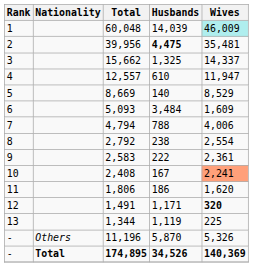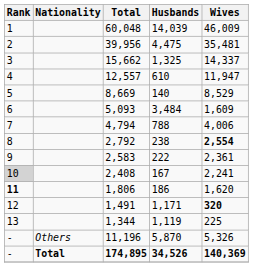 <table class="wikitable sortable">
 <tr>
 <th>Rank</th>
 <th>Nationality</th>
 <th>Total</th>
 <th>Husbands</th>
 <th>Wives</th>
 </tr>
 <tr>
 <td>1</td>
 <td></td>
 <td>60,048</td>
 <td>14,039</td>
-<td style="background: paleturquoise;">46,009</td>
+<td>46,009</td>
 </tr>
 <tr>
 <td>2</td>
 <td></td>
 <td>39,956</td>
-<td><strong>4,475</strong></td>
+<td>4,475</td>
 <td>35,481</td>
 </tr>
 <tr>
 <td>3</td>
 <td></td>
 <td>15,662</td>
 <td>1,325</td>
 <td>14,337</td>
 </tr>
 <tr>
 <td>4</td>
 <td></td>
 <td>12,557</td>
 <td>610</td>
 <td>11,947</td>
 </tr>
 <tr>
 <td>5</td>
 <td></td>
 <td>8,669</td>
 <td>140</td>
 <td>8,529</td>
 </tr>
 <tr>
 <td>6</td>
 <td></td>
 <td>5,093</td>
 <td>3,484</td>
 <td>1,609</td>
 </tr>
 <tr>
 <td>7</td>
 <td></td>
 <td>4,794</td>
 <td>788</td>
 <td>4,006</td>
 </tr>
 <tr>
 <td>8</td>
 <td></td>
 <td>2,792</td>
 <td>238</td>
-<td>2,554</td>
+<td><strong>2,554</strong></td>
 </tr>
 <tr>
 <td>9</td>
 <td></td>
 <td>2,583</td>
 <td>222</td>
 <td>2,361</td>
 </tr>
 <tr>
-<td>10</td>
+<td style="background: lightgrey;">10</td>
 <td></td>
 <td>2,408</td>
 <td>167</td>
-<td style="background: lightsalmon;">2,241</td>
+<td>2,241</td>
 </tr>
 <tr>
-<td>11</td>
+<td><strong>11</strong></td>
 <td></td>
 <td>1,806</td>
 <td>186</td>
 <td>1,620</td>
 </tr>
 <tr>
 <td>12</td>
 <td></td>
 <td>1,491</td>
 <td>1,171</td>
 <td><strong>320</strong></td>
 </tr>
 <tr>
 <td>13</td>
 <td></td>
 <td>1,344</td>
 <td>1,119</td>
 <td>225</td>
 </tr>
 <tr>
 <td>-</td>
 <td><em>Others</em></td>
 <td>11,196</td>
 <td>5,870</td>
 <td>5,326</td>
 </tr>
 <tr>
 <td>-</td>
 <td><strong>Total</strong></td>
 <td><strong>174,895</strong></td>
 <td><strong>34,526</strong></td>
 <td><strong>140,369</strong></td>
 </tr>
 <tr>
 </tr>
 </table>
